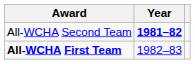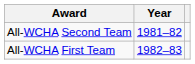 <table class="wikitable">
 <tr>
 <th>Award</th>
 <th>Year</th>
 <th></th>
 </tr>
 <tr>
 <td>All-<a href='#'>WCHA</a> <a href='#'>Second Team</a></td>
-<td><strong><a href='#'>1981–82</a></strong></td>
+<td><a href='#'>1981–82</a></td>
 <td></td>
 </tr>
 <tr>
-<td><strong>All-<a href='#'>WCHA</a> <a href='#'>First Team</a></strong></td>
+<td>All-<a href='#'>WCHA</a> <a href='#'>First Team</a></td>
 <td><a href='#'>1982–83</a></td>
 <td></td>
 </tr>
 </table>
